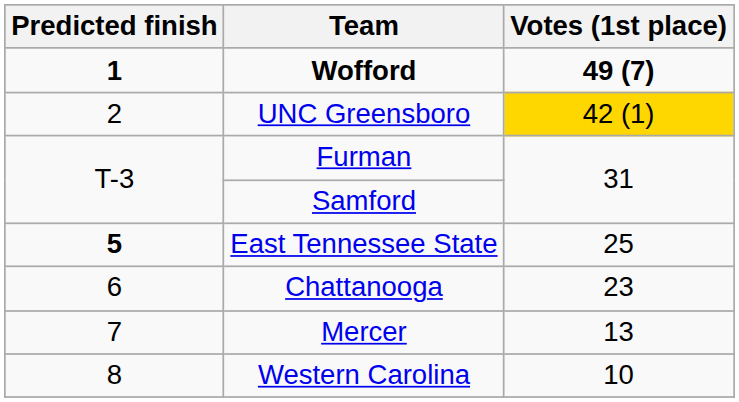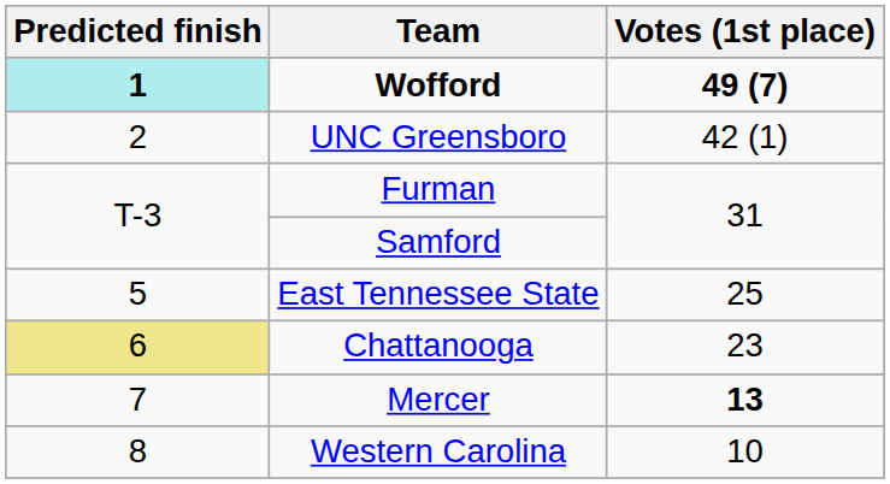 <table class="wikitable" border="1">
 <tr align=center>
 <th>Predicted finish</th>
 <th>Team</th>
 <th>Votes (1st place)</th>
 </tr>
 <tr align="center">
-<td><strong>1</strong></td>
+<td style="background: paleturquoise;"><strong>1</strong></td>
 <td><strong>Wofford</strong></td>
 <td><strong>49 (7)</strong></td>
 </tr>
 <tr align="center">
 <td>2</td>
 <td><a href='#'>UNC Greensboro</a></td>
-<td style="background: gold;">42 (1)</td>
+<td>42 (1)</td>
 </tr>
 <tr align="center">
 <td rowspan=2>T-3</td>
 <td><a href='#'>Furman</a></td>
 <td rowspan=2>31</td>
 </tr>
 <tr align="center">
 <td><a href='#'>Samford</a></td>
 </tr>
 <tr align="center">
-<td><strong>5</strong></td>
+<td>5</td>
 <td><a href='#'>East Tennessee State</a></td>
 <td>25</td>
 </tr>
 <tr align="center">
-<td>6</td>
+<td style="background: khaki;">6</td>
 <td><a href='#'>Chattanooga</a></td>
 <td>23</td>
 </tr>
 <tr align="center">
 <td>7</td>
 <td><a href='#'>Mercer</a></td>
-<td>13</td>
+<td><strong>13</strong></td>
 </tr>
 <tr align="center">
 <td>8</td>
 <td><a href='#'>Western Carolina</a></td>
 <td>10</td>
 </tr>
 </table>
